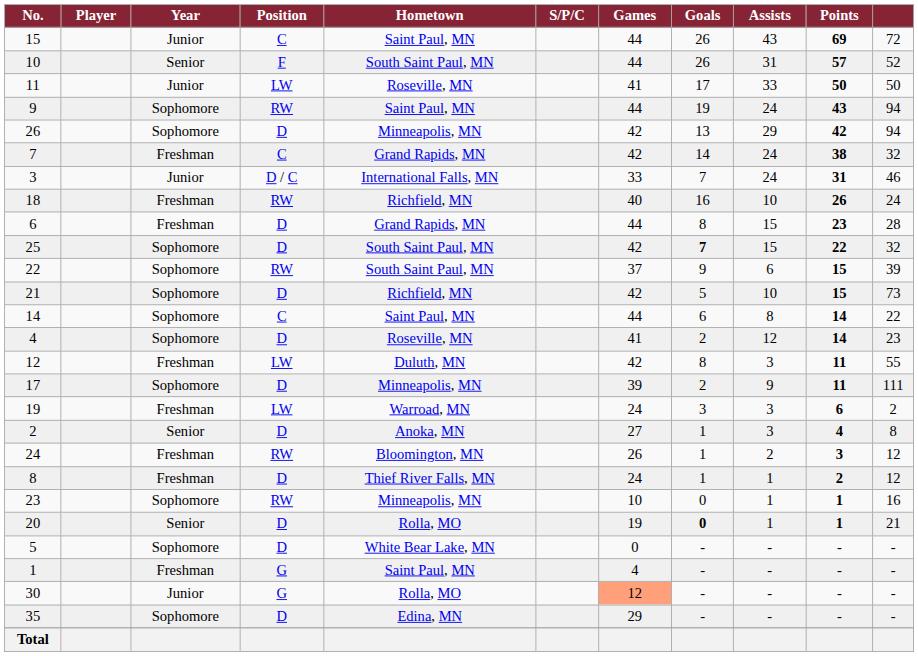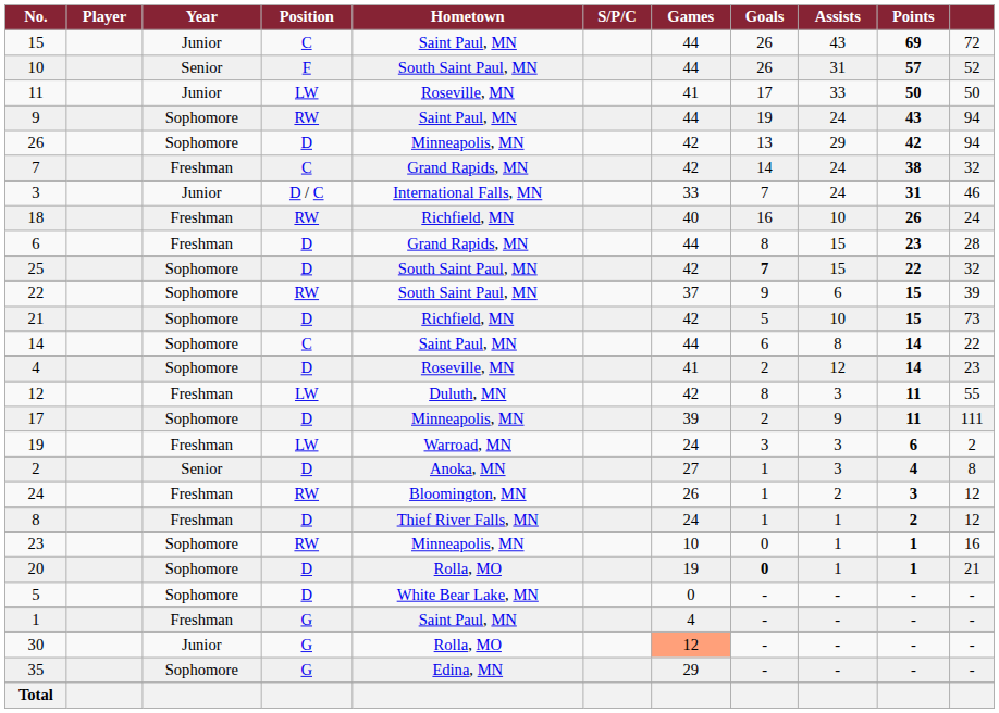 <table class="wikitable sortable" width ="1000">
 <tr align="center">
 <th style="color:white; background:#862334; ">No.</th>
 <th style="color:white; background:#862334; ">Player</th>
 <th style="color:white; background:#862334; ">Year</th>
 <th style="color:white; background:#862334; ">Position</th>
 <th style="color:white; background:#862334; ">Hometown</th>
 <th style="color:white; background:#862334; ">S/P/C</th>
 <th style="color:white; background:#862334; ">Games</th>
 <th style="color:white; background:#862334; ">Goals</th>
 <th style="color:white; background:#862334; ">Assists</th>
 <th style="color:white; background:#862334; ">Points</th>
 <th style="color:white; background:#862334; "><a href='#'></a></th>
 </tr>
 <tr align="center" bgcolor="">
 <td>15</td>
 <td></td>
 <td>Junior</td>
 <td><a href='#'>C</a></td>
 <td><a href='#'>Saint Paul</a>, <a href='#'>MN</a></td>
 <td></td>
 <td>44</td>
 <td>26</td>
 <td>43</td>
 <td><strong>69</strong></td>
 <td>72</td>
 </tr>
 <tr align="center" bgcolor="#f0f0f0">
 <td>10</td>
 <td></td>
 <td>Senior</td>
 <td><a href='#'>F</a></td>
 <td><a href='#'>South Saint Paul</a>, <a href='#'>MN</a></td>
 <td></td>
 <td>44</td>
 <td>26</td>
 <td>31</td>
 <td><strong>57</strong></td>
 <td>52</td>
 </tr>
 <tr align="center">
 <td>11</td>
 <td></td>
 <td>Junior</td>
 <td><a href='#'>LW</a></td>
 <td><a href='#'>Roseville</a>, <a href='#'>MN</a></td>
 <td></td>
 <td>41</td>
 <td>17</td>
 <td>33</td>
 <td><strong>50</strong></td>
 <td>50</td>
 </tr>
 <tr align="center" bgcolor="#f0f0f0">
 <td>9</td>
 <td></td>
 <td>Sophomore</td>
 <td><a href='#'>RW</a></td>
 <td><a href='#'>Saint Paul</a>, <a href='#'>MN</a></td>
 <td></td>
 <td>44</td>
 <td>19</td>
 <td>24</td>
 <td><strong>43</strong></td>
 <td>94</td>
 </tr>
 <tr align="center">
 <td>26</td>
 <td></td>
 <td>Sophomore</td>
 <td><a href='#'>D</a></td>
 <td><a href='#'>Minneapolis</a>, <a href='#'>MN</a></td>
 <td></td>
 <td>42</td>
 <td>13</td>
 <td>29</td>
 <td><strong>42</strong></td>
 <td>94</td>
 </tr>
 <tr align="center" bgcolor="#f0f0f0">
 <td>7</td>
 <td></td>
 <td>Freshman</td>
 <td><a href='#'>C</a></td>
 <td><a href='#'>Grand Rapids</a>, <a href='#'>MN</a></td>
 <td></td>
 <td>42</td>
 <td>14</td>
 <td>24</td>
 <td><strong>38</strong></td>
 <td>32</td>
 </tr>
 <tr align="center">
 <td>3</td>
 <td></td>
 <td>Junior</td>
 <td><a href='#'>D</a> / <a href='#'>C</a></td>
 <td><a href='#'>International Falls</a>, <a href='#'>MN</a></td>
 <td></td>
 <td>33</td>
 <td>7</td>
 <td>24</td>
 <td><strong>31</strong></td>
 <td>46</td>
 </tr>
 <tr align="center" bgcolor="#f0f0f0">
 <td>18</td>
 <td></td>
 <td>Freshman</td>
 <td><a href='#'>RW</a></td>
 <td><a href='#'>Richfield</a>, <a href='#'>MN</a></td>
 <td></td>
 <td>40</td>
 <td>16</td>
 <td>10</td>
 <td><strong>26</strong></td>
 <td>24</td>
 </tr>
 <tr align="center">
 <td>6</td>
 <td></td>
 <td>Freshman</td>
 <td><a href='#'>D</a></td>
 <td><a href='#'>Grand Rapids</a>, <a href='#'>MN</a></td>
 <td></td>
 <td>44</td>
 <td>8</td>
 <td>15</td>
 <td><strong>23</strong></td>
 <td>28</td>
 </tr>
 <tr align="center" bgcolor="#f0f0f0">
 <td>25</td>
 <td></td>
 <td>Sophomore</td>
 <td><a href='#'>D</a></td>
 <td><a href='#'>South Saint Paul</a>, <a href='#'>MN</a></td>
 <td></td>
 <td>42</td>
 <td><strong>7</strong></td>
 <td>15</td>
 <td><strong>22</strong></td>
 <td>32</td>
 </tr>
 <tr align="center">
 <td>22</td>
 <td></td>
 <td>Sophomore</td>
 <td><a href='#'>RW</a></td>
 <td><a href='#'>South Saint Paul</a>, <a href='#'>MN</a></td>
 <td></td>
 <td>37</td>
 <td>9</td>
 <td>6</td>
 <td><strong>15</strong></td>
 <td>39</td>
 </tr>
 <tr align="center" bgcolor="#f0f0f0">
 <td>21</td>
 <td></td>
 <td>Sophomore</td>
 <td><a href='#'>D</a></td>
 <td><a href='#'>Richfield</a>, <a href='#'>MN</a></td>
 <td></td>
 <td>42</td>
 <td>5</td>
 <td>10</td>
 <td><strong>15</strong></td>
 <td>73</td>
 </tr>
 <tr align="center">
 <td>14</td>
 <td></td>
 <td>Sophomore</td>
 <td><a href='#'>C</a></td>
 <td><a href='#'>Saint Paul</a>, <a href='#'>MN</a></td>
 <td></td>
 <td>44</td>
 <td>6</td>
 <td>8</td>
 <td><strong>14</strong></td>
 <td>22</td>
 </tr>
 <tr align="center" bgcolor="#f0f0f0">
 <td>4</td>
 <td></td>
 <td>Sophomore</td>
 <td><a href='#'>D</a></td>
 <td><a href='#'>Roseville</a>, <a href='#'>MN</a></td>
 <td></td>
 <td>41</td>
 <td>2</td>
 <td>12</td>
 <td><strong>14</strong></td>
 <td>23</td>
 </tr>
 <tr align="center">
 <td>12</td>
 <td></td>
 <td>Freshman</td>
 <td><a href='#'>LW</a></td>
 <td><a href='#'>Duluth</a>, <a href='#'>MN</a></td>
 <td></td>
 <td>42</td>
 <td>8</td>
 <td>3</td>
 <td><strong>11</strong></td>
 <td>55</td>
 </tr>
 <tr align="center" bgcolor="#f0f0f0">
 <td>17</td>
 <td></td>
 <td>Sophomore</td>
 <td><a href='#'>D</a></td>
 <td><a href='#'>Minneapolis</a>, <a href='#'>MN</a></td>
 <td></td>
 <td>39</td>
 <td>2</td>
 <td>9</td>
 <td><strong>11</strong></td>
 <td>111</td>
 </tr>
 <tr align="center">
 <td>19</td>
 <td></td>
 <td>Freshman</td>
 <td><a href='#'>LW</a></td>
 <td><a href='#'>Warroad</a>, <a href='#'>MN</a></td>
 <td></td>
 <td>24</td>
 <td>3</td>
 <td>3</td>
 <td><strong>6</strong></td>
 <td>2</td>
 </tr>
 <tr align="center" bgcolor="#f0f0f0">
 <td>2</td>
 <td></td>
 <td>Senior</td>
 <td><a href='#'>D</a></td>
 <td><a href='#'>Anoka</a>, <a href='#'>MN</a></td>
 <td></td>
 <td>27</td>
 <td>1</td>
 <td>3</td>
 <td><strong>4</strong></td>
 <td>8</td>
 </tr>
 <tr align="center">
 <td>24</td>
 <td></td>
 <td>Freshman</td>
 <td><a href='#'>RW</a></td>
 <td><a href='#'>Bloomington</a>, <a href='#'>MN</a></td>
 <td></td>
 <td>26</td>
 <td>1</td>
 <td>2</td>
 <td><strong>3</strong></td>
 <td>12</td>
 </tr>
 <tr align="center" bgcolor="#f0f0f0">
 <td>8</td>
 <td></td>
 <td>Freshman</td>
 <td><a href='#'>D</a></td>
 <td><a href='#'>Thief River Falls</a>, <a href='#'>MN</a></td>
 <td></td>
 <td>24</td>
 <td>1</td>
 <td>1</td>
 <td><strong>2</strong></td>
 <td>12</td>
 </tr>
 <tr align="center">
 <td>23</td>
 <td></td>
 <td>Sophomore</td>
 <td><a href='#'>RW</a></td>
 <td><a href='#'>Minneapolis</a>, <a href='#'>MN</a></td>
 <td></td>
 <td>10</td>
 <td>0</td>
 <td>1</td>
 <td><strong>1</strong></td>
 <td>16</td>
 </tr>
 <tr align="center" bgcolor="#f0f0f0">
 <td>20</td>
 <td></td>
-<td>Senior</td>
+<td>Sophomore</td>
 <td><a href='#'>D</a></td>
 <td><a href='#'>Rolla</a>, <a href='#'>MO</a></td>
 <td></td>
 <td>19</td>
 <td><strong>0</strong></td>
 <td>1</td>
 <td><strong>1</strong></td>
 <td>21</td>
 </tr>
 <tr align="center">
 <td>5</td>
 <td></td>
 <td>Sophomore</td>
 <td><a href='#'>D</a></td>
 <td><a href='#'>White Bear Lake</a>, <a href='#'>MN</a></td>
 <td></td>
 <td>0</td>
 <td>-</td>
 <td>-</td>
 <td>-</td>
 <td>-</td>
 </tr>
 <tr align="center" bgcolor="#f0f0f0">
 <td>1</td>
 <td></td>
 <td>Freshman</td>
 <td><a href='#'>G</a></td>
 <td><a href='#'>Saint Paul</a>, <a href='#'>MN</a></td>
 <td></td>
 <td>4</td>
 <td>-</td>
 <td>-</td>
 <td>-</td>
 <td>-</td>
 </tr>
 <tr align="center">
 <td>30</td>
 <td></td>
 <td>Junior</td>
 <td><a href='#'>G</a></td>
 <td><a href='#'>Rolla</a>, <a href='#'>MO</a></td>
 <td></td>
 <td style="background: lightsalmon;">12</td>
 <td>-</td>
 <td>-</td>
 <td>-</td>
 <td>-</td>
 </tr>
 <tr align="center" bgcolor="#f0f0f0">
 <td>35</td>
 <td></td>
 <td>Sophomore</td>
-<td><a href='#'>D</a></td>
+<td><a href='#'>G</a></td>
 <td><a href='#'>Edina</a>, <a href='#'>MN</a></td>
 <td></td>
 <td>29</td>
 <td>-</td>
 <td>-</td>
 <td>-</td>
 <td>-</td>
 </tr>
 <tr align="center">
 </tr>
 <tr>
 <th>Total</th>
 <th></th>
 <th></th>
 <th></th>
 <th></th>
 <th></th>
 <th></th>
 <th></th>
 <th></th>
 <th></th>
 <th></th>
 </tr>
 </table>
